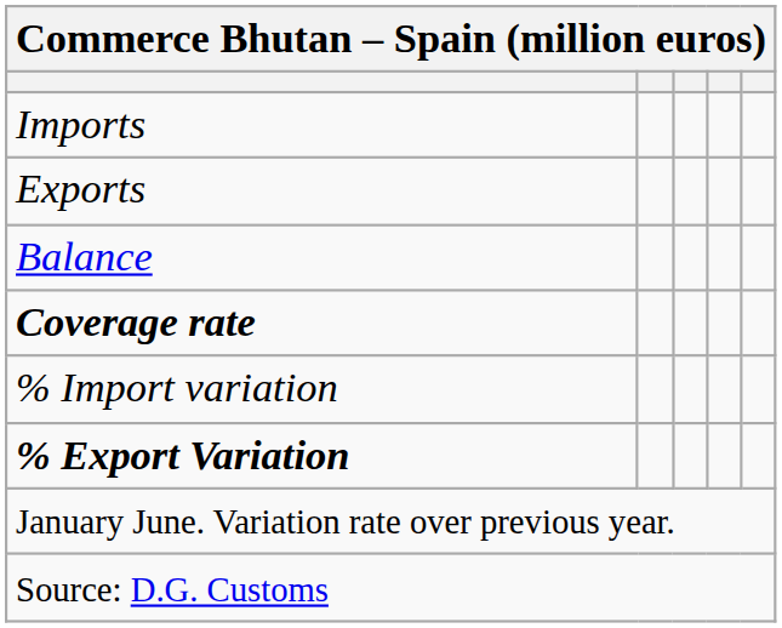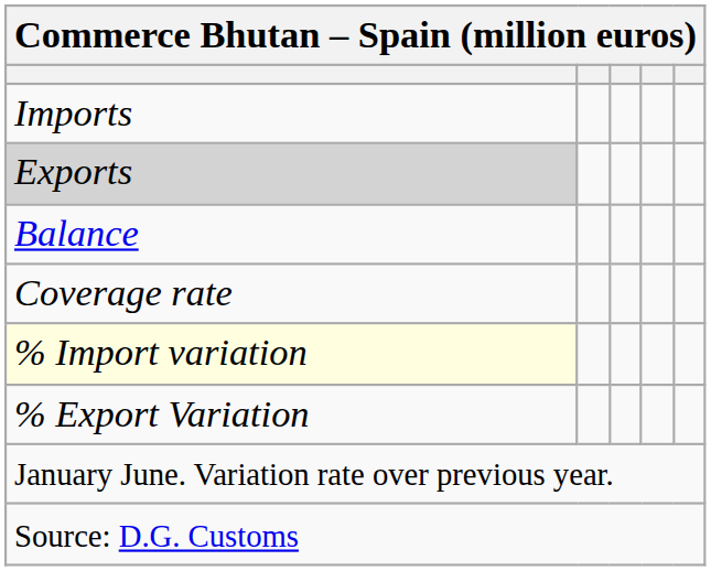 <table class="wikitable">
 <tr>
 <th colspan=12>Commerce Bhutan – Spain (million euros)</th>
 </tr>
 <tr>
 <th></th>
 <th></th>
 <th></th>
 <th></th>
 <th></th>
 </tr>
 <tr>
 <td align="left"><em>Imports</em></td>
 <td></td>
 <td></td>
 <td></td>
 <td></td>
 </tr>
 <tr>
-<td align="left"><em>Exports</em></td>
+<td align="left" style="background: lightgrey;"><em>Exports</em></td>
 <td></td>
 <td></td>
 <td></td>
 <td></td>
 </tr>
 <tr>
 <td align="left"><em><a href='#'>Balance</a></em></td>
 <td></td>
 <td></td>
 <td></td>
 <td></td>
 </tr>
 <tr>
-<td align="left"><strong><em>Coverage rate</em></strong></td>
+<td align="left"><em>Coverage rate</em></td>
 <td></td>
 <td></td>
 <td></td>
 <td></td>
 </tr>
 <tr>
-<td align="left"><em>% Import variation</em></td>
+<td align="left" style="background: lightyellow;"><em>% Import variation</em></td>
 <td></td>
 <td></td>
 <td></td>
 <td></td>
 </tr>
 <tr>
-<td align="left"><strong><em>% Export Variation</em></strong></td>
+<td align="left"><em>% Export Variation</em></td>
 <td></td>
 <td></td>
 <td></td>
 <td></td>
 </tr>
 <tr>
 <td align="left" colspan=10><small>January June. Variation rate over previous year.</small></td>
 </tr>
 <tr>
 <td align="left" colspan=10><small>Source: <a href='#'>D.G. Customs</a></small></td>
 </tr>
 </table>
